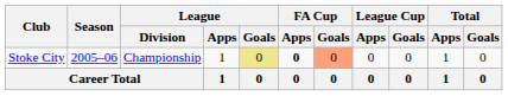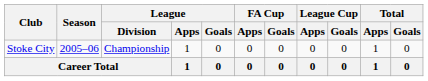 <table class="wikitable" style="text-align: center;">
 <tr>
 <th rowspan="2">Club</th>
 <th rowspan="2">Season</th>
 <th colspan="3">League</th>
 <th colspan="2">FA Cup</th>
 <th colspan="2">League Cup</th>
 <th colspan="2">Total</th>
 </tr>
 <tr>
 <th>Division</th>
 <th>Apps</th>
 <th>Goals</th>
 <th>Apps</th>
 <th>Goals</th>
 <th>Apps</th>
 <th>Goals</th>
 <th>Apps</th>
 <th>Goals</th>
 </tr>
 <tr>
 <td><a href='#'>Stoke City</a></td>
 <td><a href='#'>2005–06</a></td>
 <td><a href='#'>Championship</a></td>
 <td>1</td>
-<td style="background: khaki;">0</td>
-<td><strong>0</strong></td>
-<td style="background: lightsalmon;">0</td>
+<td>0</td>
+<td>0</td>
+<td>0</td>
 <td>0</td>
 <td>0</td>
 <td>1</td>
 <td>0</td>
 </tr>
 <tr>
 <th colspan="3">Career Total</th>
 <th>1</th>
 <th>0</th>
 <th>0</th>
 <th>0</th>
 <th>0</th>
 <th>0</th>
 <th>1</th>
 <th>0</th>
 </tr>
 </table>
